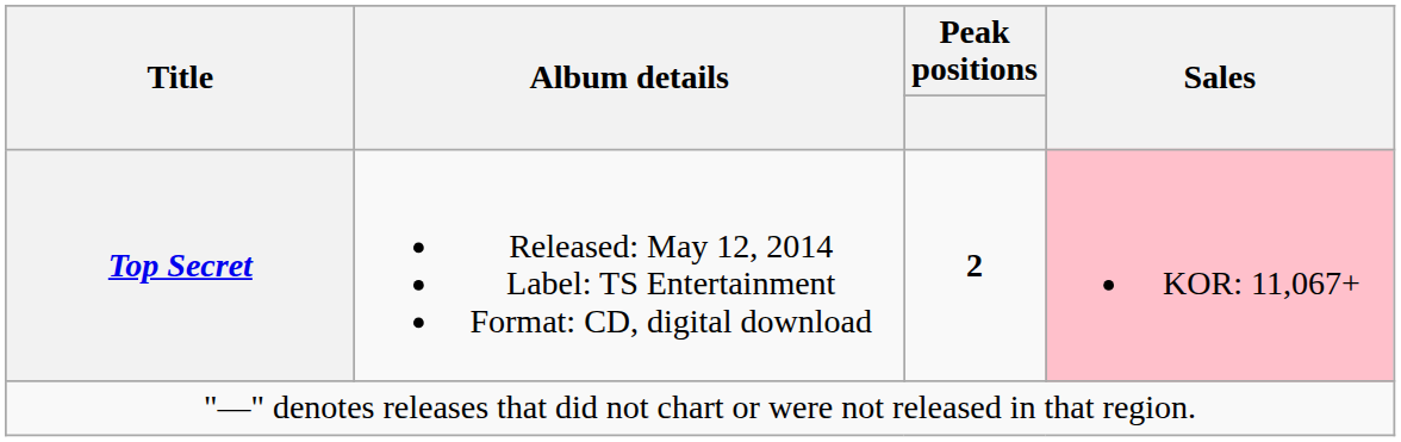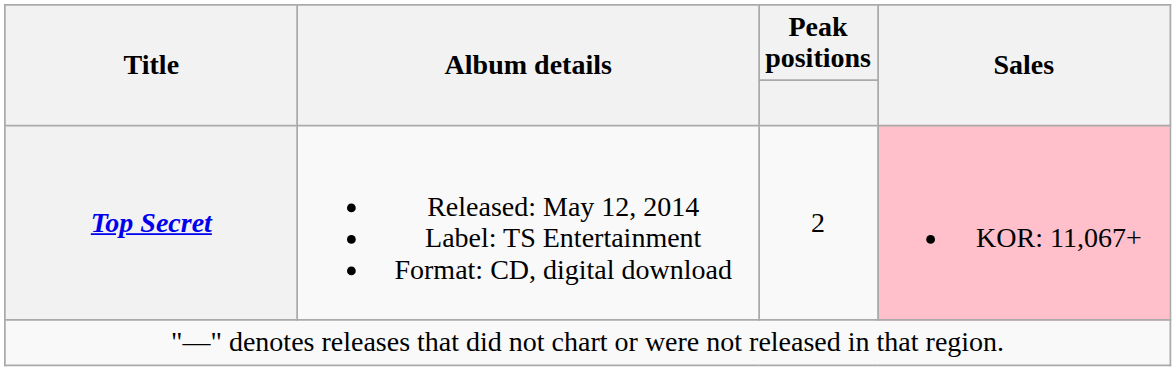 <table class="wikitable plainrowheaders" style="text-align:center">
 <tr>
 <th rowspan="2" style="width:10em">Title</th>
 <th rowspan="2" style="width:16em">Album details</th>
 <th colspan="1">Peak<br>positions</th>
 <th rowspan="2" style="width:10em">Sales</th>
 </tr>
 <tr>
 <th><br></th>
 </tr>
 <tr>
 <th scope="row"><em><a href='#'>Top Secret</a></em></th>
 <td><br><ul><li>Released: May 12, 2014</li><li>Label: TS Entertainment</li><li>Format: CD, digital download</li></ul></td>
-<td><strong>2</strong></td>
+<td>2</td>
 <td style="background: pink;"><br><ul><li>KOR: 11,067+</li></ul></td>
 </tr>
 <tr>
 <td colspan="4">"—" denotes releases that did not chart or were not released in that region.</td>
 </tr>
 </table>
